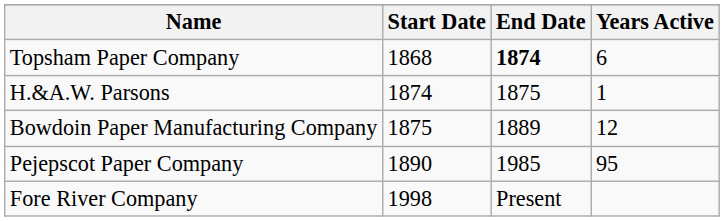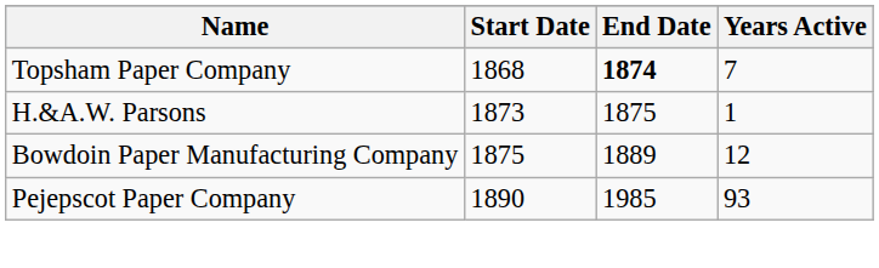 <table class="wikitable">
 <tr style="background-color:#eaecf0;">
 </tr>
 <tr style="background-color:#eaecf0;">
 <th scope="col">Name</th>
 <th scope="col">Start Date</th>
 <th scope="col">End Date</th>
 <th scope="col">Years Active</th>
 </tr>
 <tr>
 <td scope="row">Topsham Paper Company</td>
 <td>1868</td>
 <td><strong>1874</strong></td>
-<td>6</td>
+<td>7</td>
 </tr>
 <tr>
 <td scope="row">H.&A.W. Parsons</td>
-<td>1874</td>
+<td>1873</td>
 <td>1875</td>
 <td>1</td>
 </tr>
 <tr>
 <td scope="row">Bowdoin Paper Manufacturing Company</td>
 <td>1875</td>
 <td>1889</td>
 <td>12</td>
 </tr>
 <tr>
 <td scope="row">Pejepscot Paper Company</td>
 <td>1890</td>
 <td>1985</td>
-<td>95</td>
-</tr>
-<tr>
-<td scope="row">Fore River Company</td>
-<td>1998</td>
-<td>Present</td>
-<td></td>
+<td>93</td>
 </tr>
 </table>
